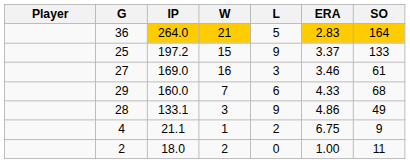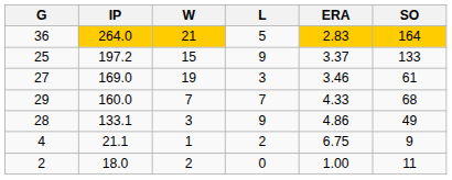 <table class="wikitable sortable">
 <tr>
-<th bgcolor="#DDDDFF" width="16%">Player</th>
 <th bgcolor="#DDDDFF" width="9%">G</th>
 <th bgcolor="#DDDDFF" width="9%">IP</th>
 <th bgcolor="#DDDDFF" width="9%">W</th>
 <th bgcolor="#DDDDFF" width="9%">L</th>
 <th bgcolor="#DDDDFF" width="9%">ERA</th>
 <th bgcolor="#DDDDFF" width="9%">SO</th>
 </tr>
 <tr align="center">
-<td></td>
 <td>36</td>
 <td style="background:#fc0;">264.0</td>
 <td style="background:#fc0;">21</td>
 <td>5</td>
 <td style="background:#fc0;">2.83</td>
 <td style="background:#fc0;">164</td>
 </tr>
 <tr align="center">
-<td></td>
 <td>25</td>
 <td>197.2</td>
 <td>15</td>
 <td>9</td>
 <td>3.37</td>
 <td>133</td>
 </tr>
 <tr align="center">
-<td></td>
 <td>27</td>
 <td>169.0</td>
-<td>16</td>
+<td>19</td>
 <td>3</td>
 <td>3.46</td>
 <td>61</td>
 </tr>
 <tr align="center">
-<td></td>
 <td>29</td>
 <td>160.0</td>
 <td>7</td>
-<td>6</td>
+<td>7</td>
 <td>4.33</td>
 <td>68</td>
 </tr>
 <tr align="center">
-<td></td>
 <td>28</td>
 <td>133.1</td>
 <td>3</td>
 <td>9</td>
 <td>4.86</td>
 <td>49</td>
 </tr>
 <tr align="center">
-<td></td>
 <td>4</td>
 <td>21.1</td>
 <td>1</td>
 <td>2</td>
 <td>6.75</td>
 <td>9</td>
 </tr>
 <tr align="center">
-<td></td>
 <td>2</td>
 <td>18.0</td>
 <td>2</td>
 <td>0</td>
 <td>1.00</td>
 <td>11</td>
 </tr>
 </table>
